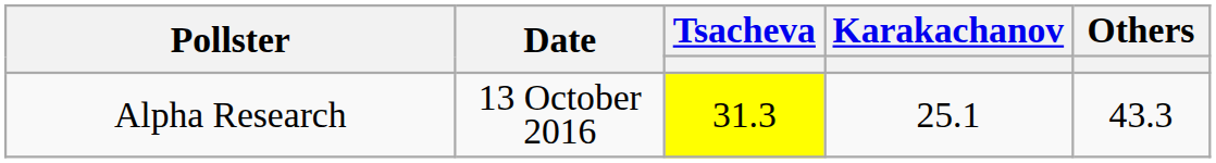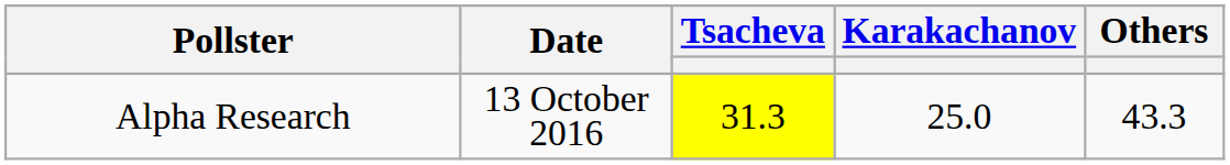 <table class="wikitable" style="text-align:center;font-size:95%;line-height:14px;">
 <tr>
 <th rowspan=2 width=180px>Pollster</th>
 <th rowspan=2 width=80px>Date</th>
 <th width=50px><a href='#'>Tsacheva</a></th>
 <th width=50px><a href='#'>Karakachanov</a></th>
 <th width=50px>Others</th>
 </tr>
 <tr>
 <th style="color:inherit;background:"></th>
 <th style="color:inherit;background:"></th>
 <th style="color:inherit;background:;"></th>
 </tr>
 <tr>
 <td>Alpha Research</td>
 <td>13 October 2016</td>
 <td bgcolor=#FFFF00>31.3</td>
-<td>25.1</td>
+<td>25.0</td>
 <td>43.3</td>
 </tr>
 </table>
